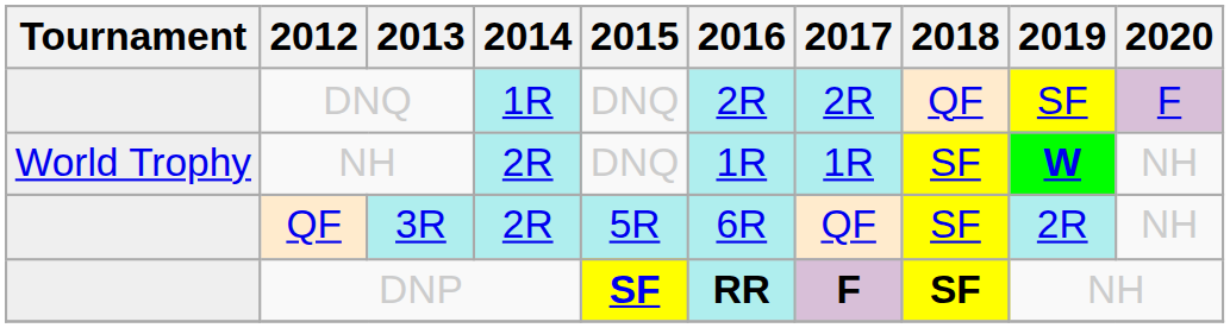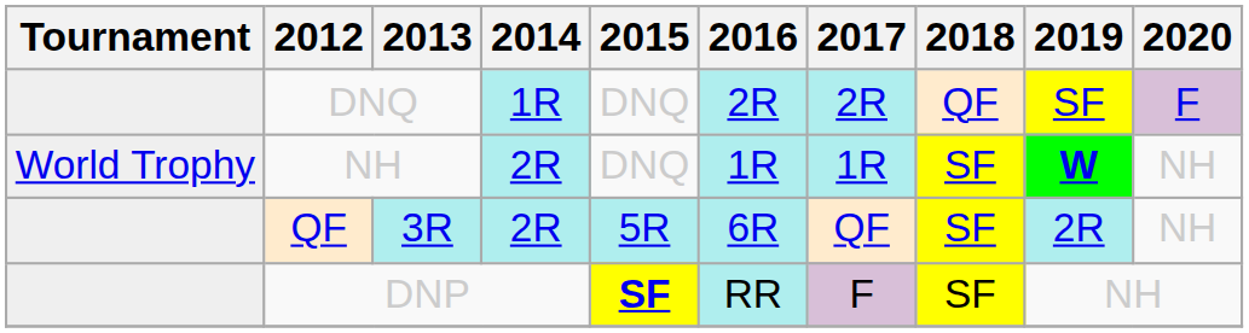 <table class="wikitable">
 <tr>
 <th>Tournament</th>
 <th>2012</th>
 <th>2013</th>
 <th>2014</th>
 <th>2015</th>
 <th>2016</th>
 <th>2017</th>
 <th>2018</th>
 <th>2019</th>
 <th>2020</th>
 </tr>
 <tr>
 <td style="background:#efefef;"></td>
 <td colspan="2" style="text-align:center; color:#ccc;">DNQ</td>
 <td style="text-align:center; background:#afeeee;"><a href='#'>1R</a></td>
 <td style="text-align:center; color:#ccc;">DNQ</td>
 <td style="text-align:center; background:#afeeee;"><a href='#'>2R</a></td>
 <td style="text-align:center; background:#afeeee;"><a href='#'>2R</a></td>
 <td style="text-align:center; background:#ffebcd;"><a href='#'>QF</a></td>
 <td style="text-align:center; background:yellow;"><a href='#'>SF</a></td>
 <td style="text-align:center; background:thistle;"><a href='#'>F</a></td>
 </tr>
 <tr>
 <td style="background:#efefef;"><a href='#'>World Trophy</a></td>
 <td colspan="2" style="text-align:center; color:#ccc;">NH</td>
 <td style="text-align:center; background:#afeeee;"><a href='#'>2R</a></td>
 <td style="text-align:center; color:#ccc;">DNQ</td>
 <td style="text-align:center; background:#afeeee;"><a href='#'>1R</a></td>
 <td style="text-align:center; background:#afeeee;"><a href='#'>1R</a></td>
 <td style="text-align:center; background:yellow;"><a href='#'>SF</a></td>
 <td style="text-align:center; background:#0f0;"><a href='#'><strong>W</strong></a></td>
 <td style="text-align:center; color:#ccc;">NH</td>
 </tr>
 <tr>
 <td style="background:#efefef;"></td>
 <td style="text-align:center; background:#ffebcd;"><a href='#'>QF</a></td>
 <td style="text-align:center; background:#afeeee;"><a href='#'>3R</a></td>
 <td style="text-align:center; background:#afeeee;"><a href='#'>2R</a></td>
 <td style="text-align:center; background:#afeeee;"><a href='#'>5R</a></td>
 <td style="text-align:center; background:#afeeee;"><a href='#'>6R</a></td>
 <td style="text-align:center; background:#ffebcd;"><a href='#'>QF</a></td>
 <td style="text-align:center; background:yellow;"><a href='#'>SF</a></td>
 <td style="text-align:center; background:#afeeee;"><a href='#'>2R</a></td>
 <td style="text-align:center; color:#ccc;">NH</td>
 </tr>
 <tr>
 <td style="background:#efefef;"></td>
 <td colspan="3" style="text-align:center; color:#ccc;">DNP</td>
 <td style="text-align:center; background:yellow;"><strong><a href='#'>SF</a></strong></td>
-<td style="text-align:center; background:#afeeee;"><strong>RR</strong></td>
-<td style="text-align:center; background:thistle;"><strong>F</strong></td>
-<td style="text-align:center; background:yellow;"><strong>SF</strong></td>
+<td style="text-align:center; background:#afeeee;">RR</td>
+<td style="text-align:center; background:thistle;">F</td>
+<td style="text-align:center; background:yellow;">SF</td>
 <td colspan="3" style="text-align:center; color:#ccc;">NH</td>
 </tr>
 <tr>
 </tr>
 </table>
